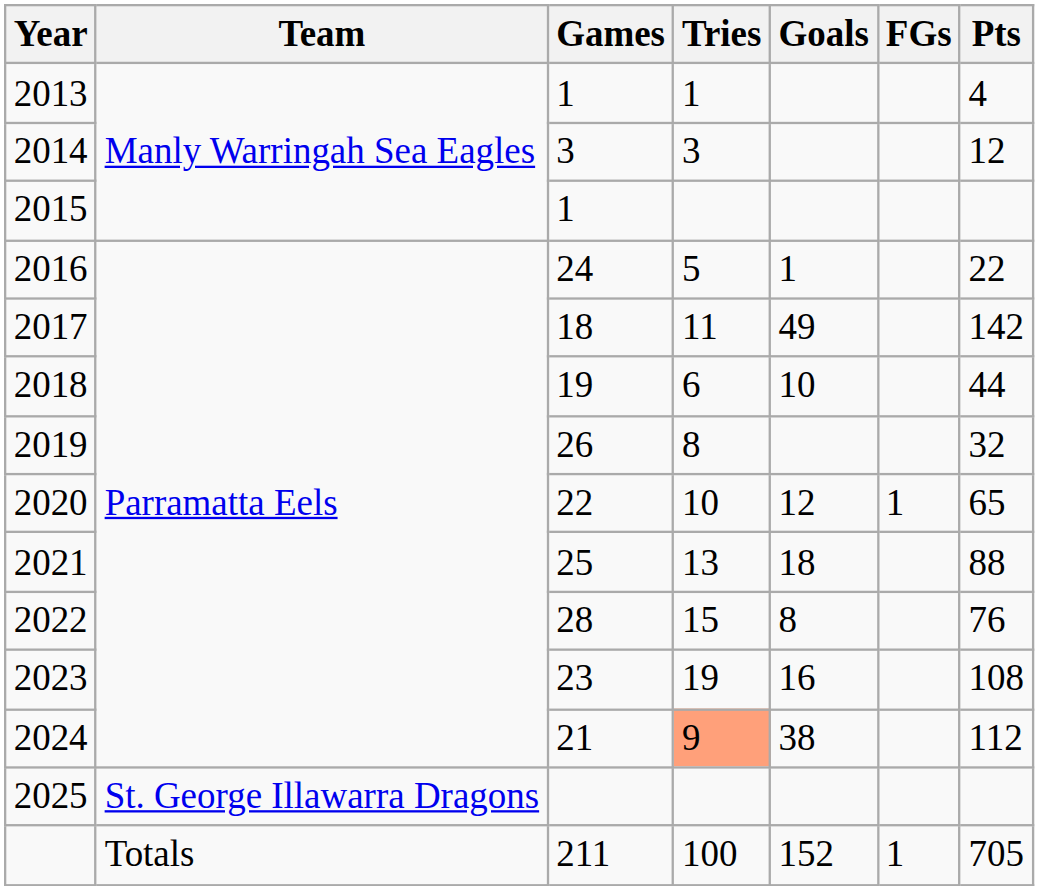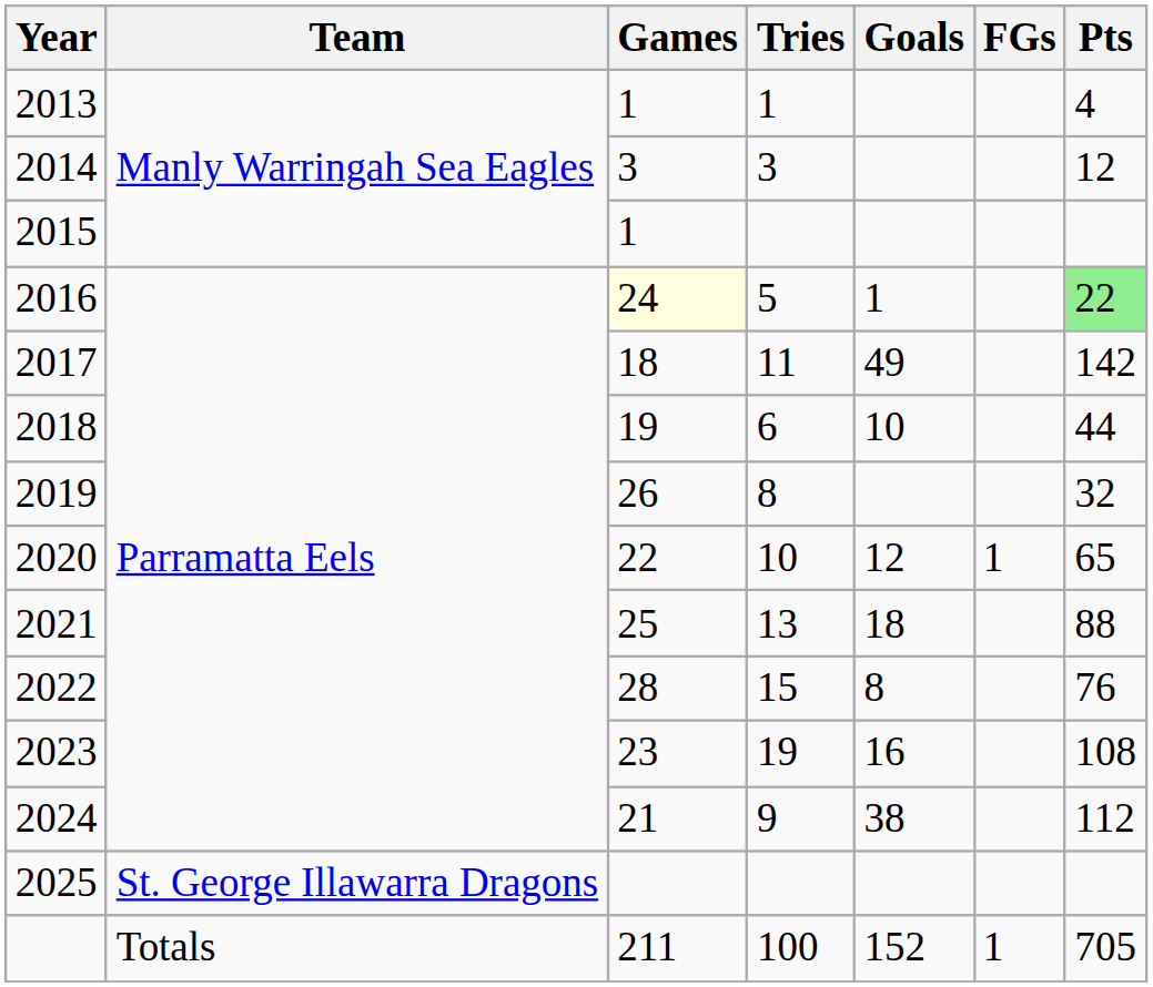 <table class="wikitable">
 <tr>
 <th>Year</th>
 <th>Team</th>
 <th>Games</th>
 <th>Tries</th>
 <th>Goals</th>
 <th>FGs</th>
 <th>Pts</th>
 </tr>
 <tr>
 <td>2013</td>
 <td rowspan="3"> <a href='#'>Manly Warringah Sea Eagles</a></td>
 <td>1</td>
 <td>1</td>
 <td></td>
 <td></td>
 <td>4</td>
 </tr>
 <tr>
 <td>2014</td>
 <td>3</td>
 <td>3</td>
 <td></td>
 <td></td>
 <td>12</td>
 </tr>
 <tr>
 <td>2015</td>
 <td>1</td>
 <td></td>
 <td></td>
 <td></td>
 <td></td>
 </tr>
 <tr>
 <td>2016</td>
 <td rowspan="9"> <a href='#'>Parramatta Eels</a></td>
-<td>24</td>
+<td style="background: lightyellow;">24</td>
 <td>5</td>
 <td>1</td>
 <td></td>
-<td>22</td>
+<td style="background: lightgreen;">22</td>
 </tr>
 <tr>
 <td>2017</td>
 <td>18</td>
 <td>11</td>
 <td>49</td>
 <td></td>
 <td>142</td>
 </tr>
 <tr>
 <td>2018</td>
 <td>19</td>
 <td>6</td>
 <td>10</td>
 <td></td>
 <td>44</td>
 </tr>
 <tr>
 <td>2019</td>
 <td>26</td>
 <td>8</td>
 <td></td>
 <td></td>
 <td>32</td>
 </tr>
 <tr>
 <td>2020</td>
 <td>22</td>
 <td>10</td>
 <td>12</td>
 <td>1</td>
 <td>65</td>
 </tr>
 <tr>
 <td>2021</td>
 <td>25</td>
 <td>13</td>
 <td>18</td>
 <td></td>
 <td>88</td>
 </tr>
 <tr>
 <td>2022</td>
 <td>28</td>
 <td>15</td>
 <td>8</td>
 <td></td>
 <td>76</td>
 </tr>
 <tr>
 <td>2023</td>
 <td>23</td>
 <td>19</td>
 <td>16</td>
 <td></td>
 <td>108</td>
 </tr>
 <tr>
 <td>2024</td>
 <td>21</td>
-<td style="background: lightsalmon;">9</td>
+<td>9</td>
 <td>38</td>
 <td></td>
 <td>112</td>
 </tr>
 <tr>
 <td>2025</td>
 <td> <a href='#'>St. George Illawarra Dragons</a></td>
 <td></td>
 <td></td>
 <td></td>
 <td></td>
 <td></td>
 </tr>
 <tr>
 <td></td>
 <td>Totals</td>
 <td>211</td>
 <td>100</td>
 <td>152</td>
 <td>1</td>
 <td>705</td>
 </tr>
 </table>
